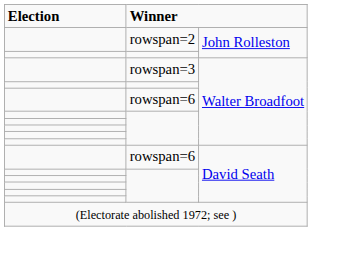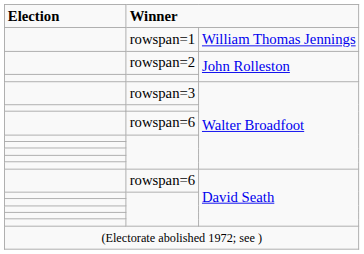 <table class="wikitable">
 <tr>
 <td width=125><strong>Election</strong></td>
 <td width=175 colspan=2><strong>Winner</strong></td>
+</tr>
+<tr>
+<td></td>
+<td>rowspan=1 </td>
+<td rowspan=1><a href='#'>William Thomas Jennings</a></td>
 </tr>
 <tr>
 <td></td>
 <td>rowspan=2 </td>
 <td rowspan=2><a href='#'>John Rolleston</a></td>
 </tr>
 <tr>
 <td></td>
 </tr>
 <tr>
 <td></td>
 <td>rowspan=3 </td>
 <td rowspan=9><a href='#'>Walter Broadfoot</a></td>
 </tr>
 <tr>
 <td></td>
 </tr>
 <tr>
 <td rowspan=2 height=18></td>
 </tr>
 <tr>
 <td>rowspan=6 </td>
 </tr>
 <tr>
 <td></td>
 </tr>
 <tr>
 <td></td>
 </tr>
 <tr>
 <td></td>
 </tr>
 <tr>
 <td></td>
 </tr>
 <tr>
 <td></td>
 </tr>
 <tr>
 <td></td>
 <td>rowspan=6 </td>
 <td rowspan=6><a href='#'>David Seath</a></td>
 </tr>
 <tr>
 <td></td>
 </tr>
 <tr>
 <td></td>
 </tr>
 <tr>
 <td></td>
 </tr>
 <tr>
 <td></td>
 </tr>
 <tr>
 <td></td>
 </tr>
 <tr>
 <td colspan=3 align=center><small>(Electorate abolished 1972; see )</small></td>
 </tr>
 </table>
